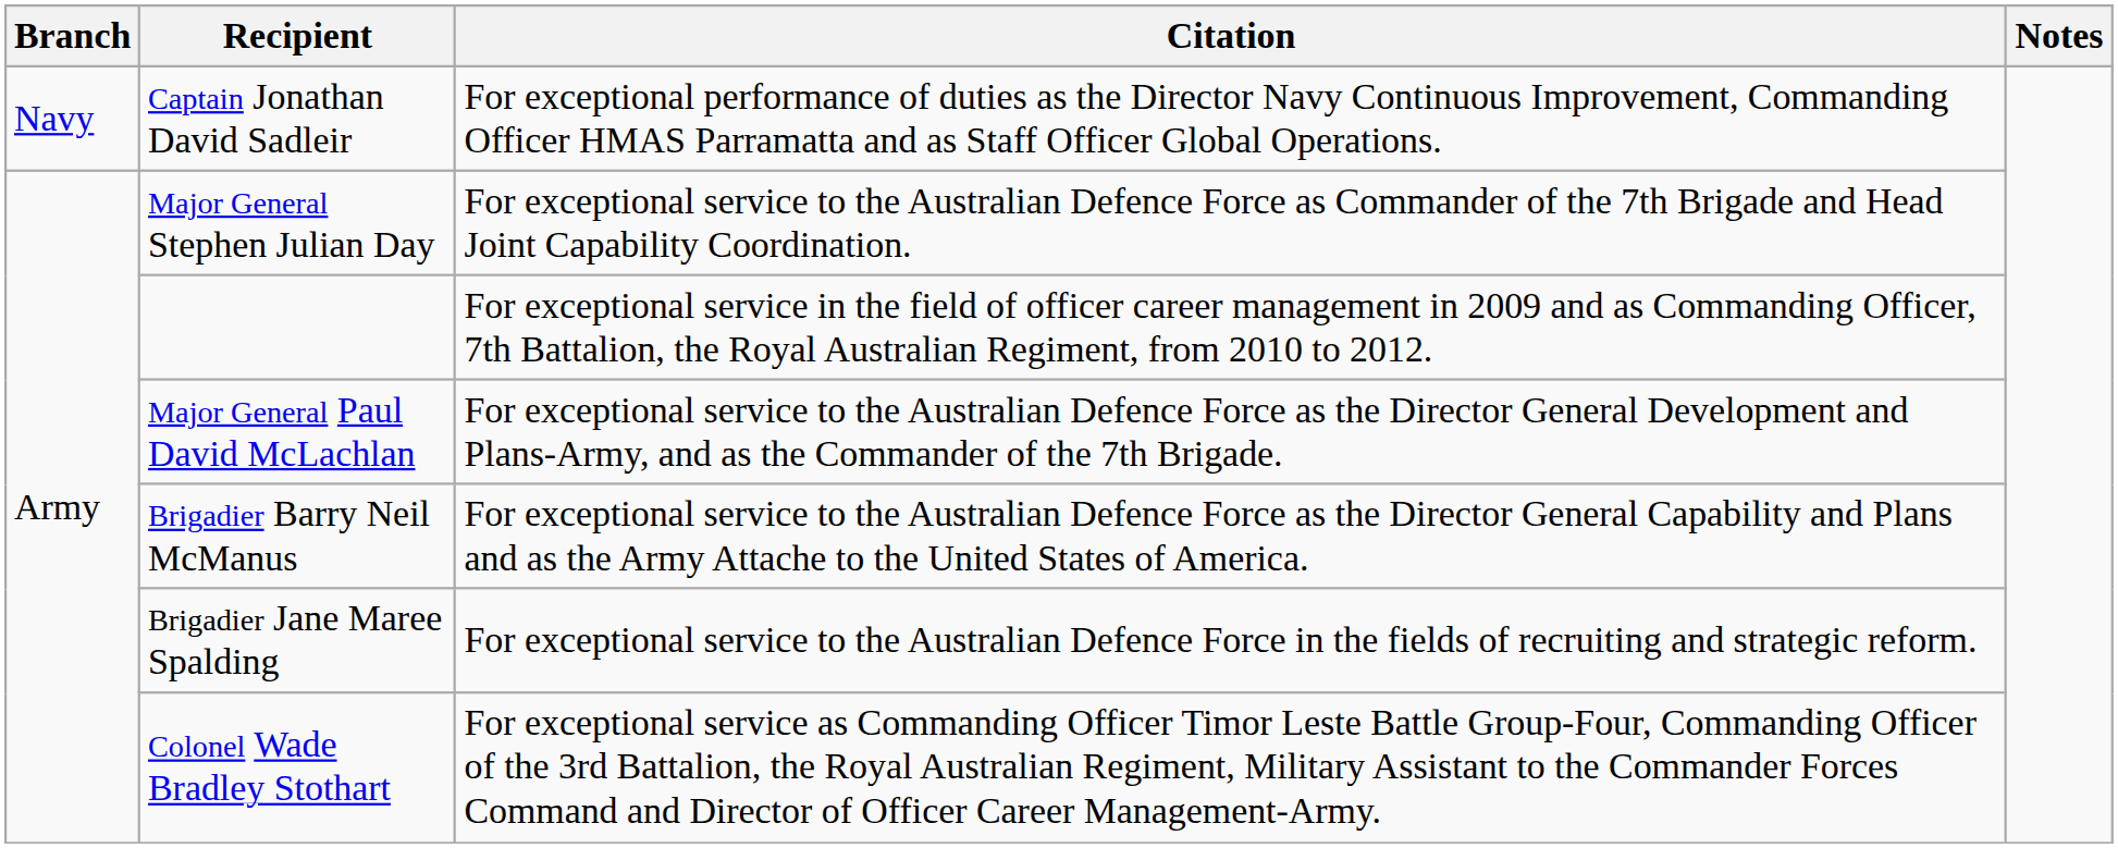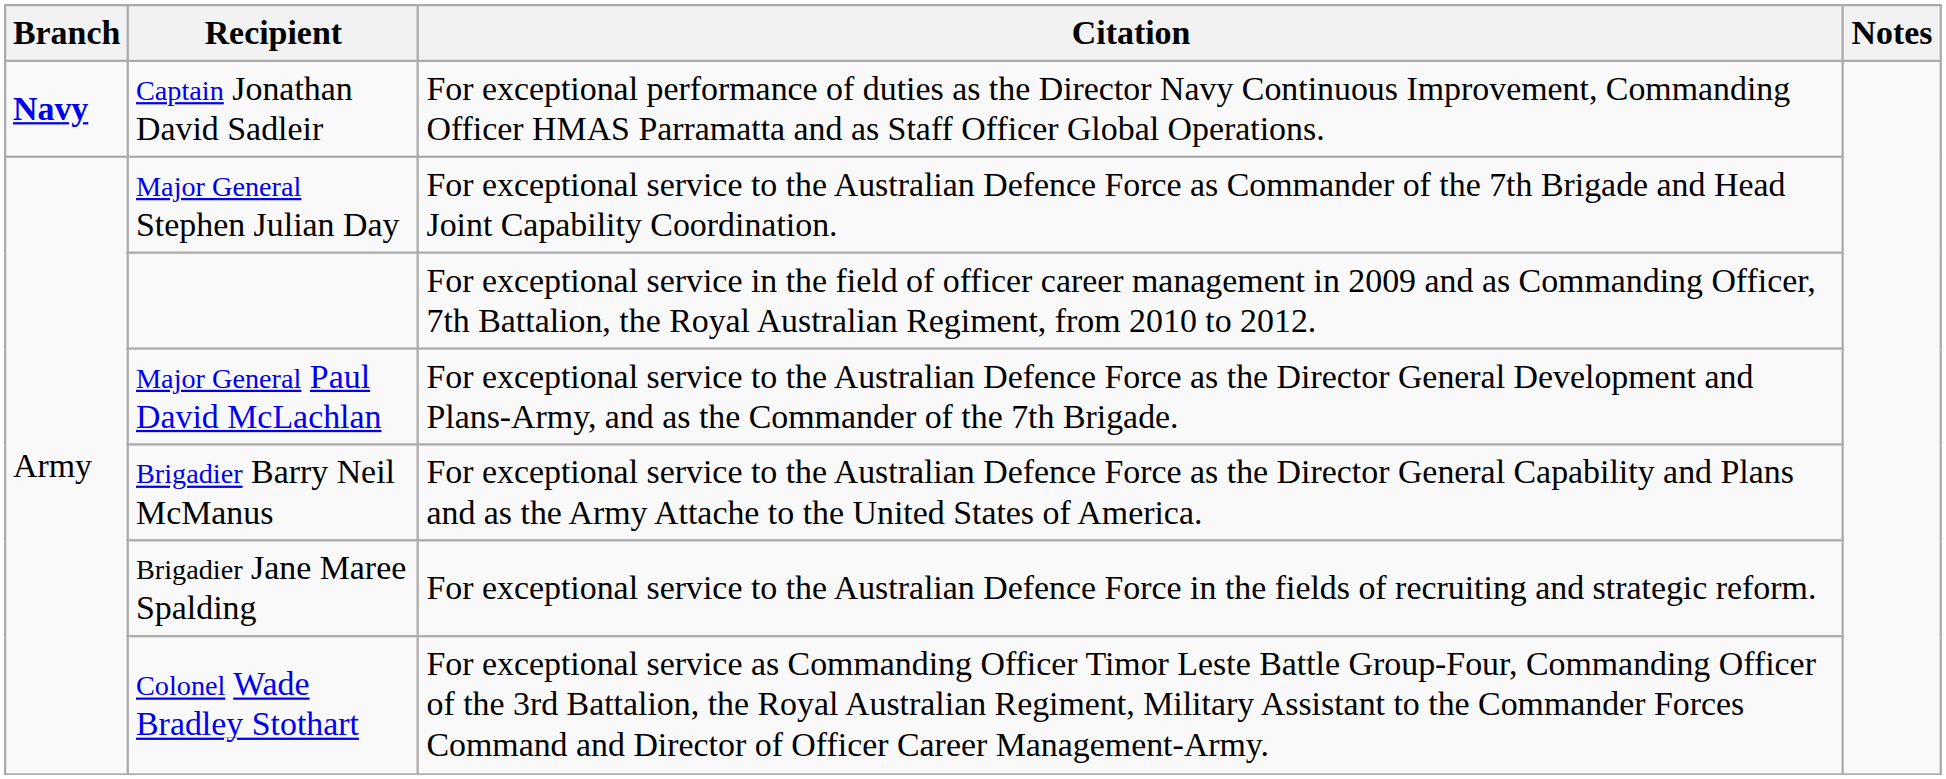 <table class="wikitable" style="font-size:95%;">
 <tr>
 <th>Branch</th>
 <th>Recipient</th>
 <th>Citation</th>
 <th>Notes</th>
 </tr>
 <tr>
-<td><a href='#'>Navy</a></td>
+<td><strong><a href='#'>Navy</a></strong></td>
 <td><small><a href='#'>Captain</a></small> Jonathan David Sadleir</td>
 <td>For exceptional performance of duties as the Director Navy Continuous Improvement, Commanding Officer HMAS Parramatta and as Staff Officer Global Operations.</td>
 <td rowspan=7></td>
 </tr>
 <tr>
 <td rowspan=6>Army</td>
 <td><small><a href='#'>Major General</a></small> Stephen Julian Day </td>
 <td>For exceptional service to the Australian Defence Force as Commander of the 7th Brigade and Head Joint Capability Coordination.</td>
 </tr>
 <tr>
 <td></td>
 <td>For exceptional service in the field of officer career management in 2009 and as Commanding Officer, 7th Battalion, the Royal Australian Regiment, from 2010 to 2012.</td>
 </tr>
 <tr>
 <td><small><a href='#'>Major General</a></small> <a href='#'>Paul David McLachlan</a> </td>
 <td>For exceptional service to the Australian Defence Force as the Director General Development and Plans-Army, and as the Commander of the 7th Brigade.</td>
 </tr>
 <tr>
 <td><small><a href='#'>Brigadier</a></small> Barry Neil McManus </td>
 <td>For exceptional service to the Australian Defence Force as the Director General Capability and Plans and as the Army Attache to the United States of America.</td>
 </tr>
 <tr>
 <td><small>Brigadier</small> Jane Maree Spalding</td>
 <td>For exceptional service to the Australian Defence Force in the fields of recruiting and strategic reform.</td>
 </tr>
 <tr>
 <td><small><a href='#'>Colonel</a></small> <a href='#'>Wade Bradley Stothart</a></td>
 <td>For exceptional service as Commanding Officer Timor Leste Battle Group-Four, Commanding Officer of the 3rd Battalion, the Royal Australian Regiment, Military Assistant to the Commander Forces Command and Director of Officer Career Management-Army.</td>
 </tr>
 </table>
